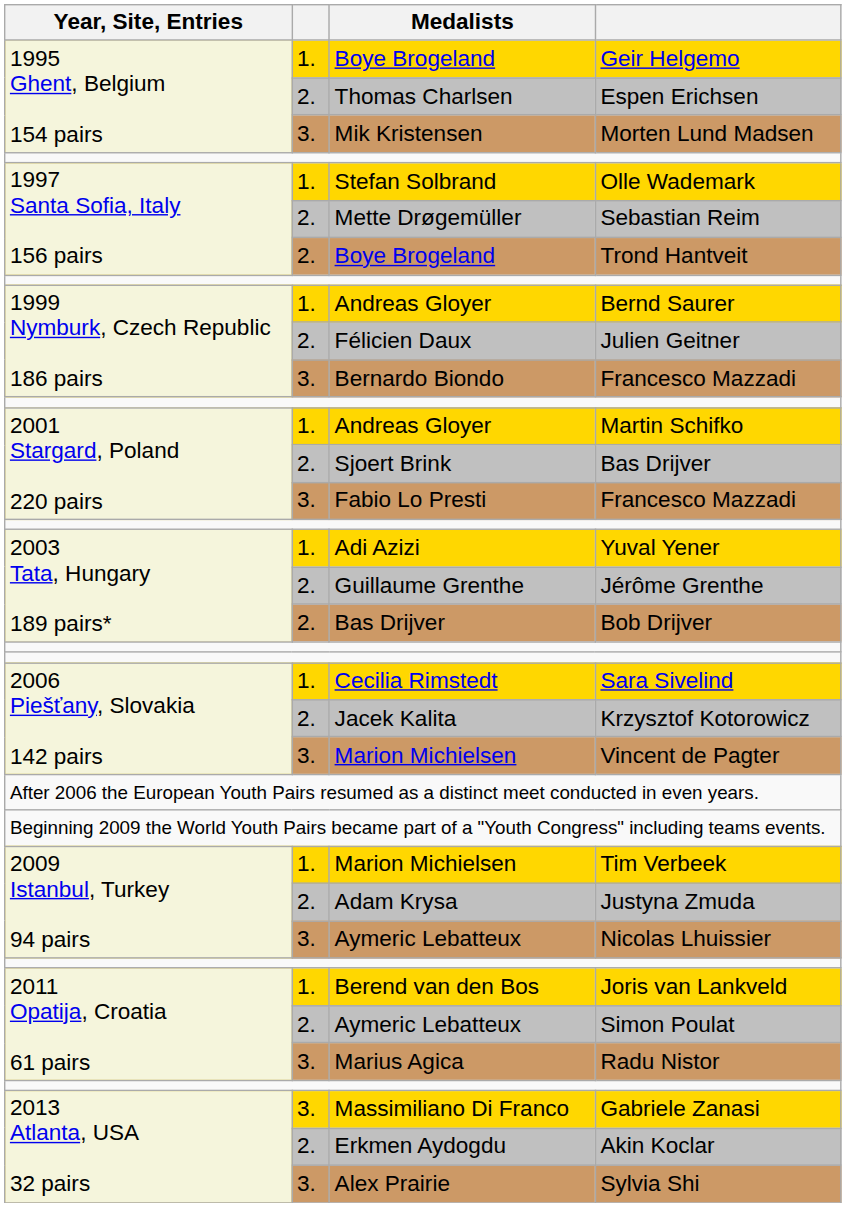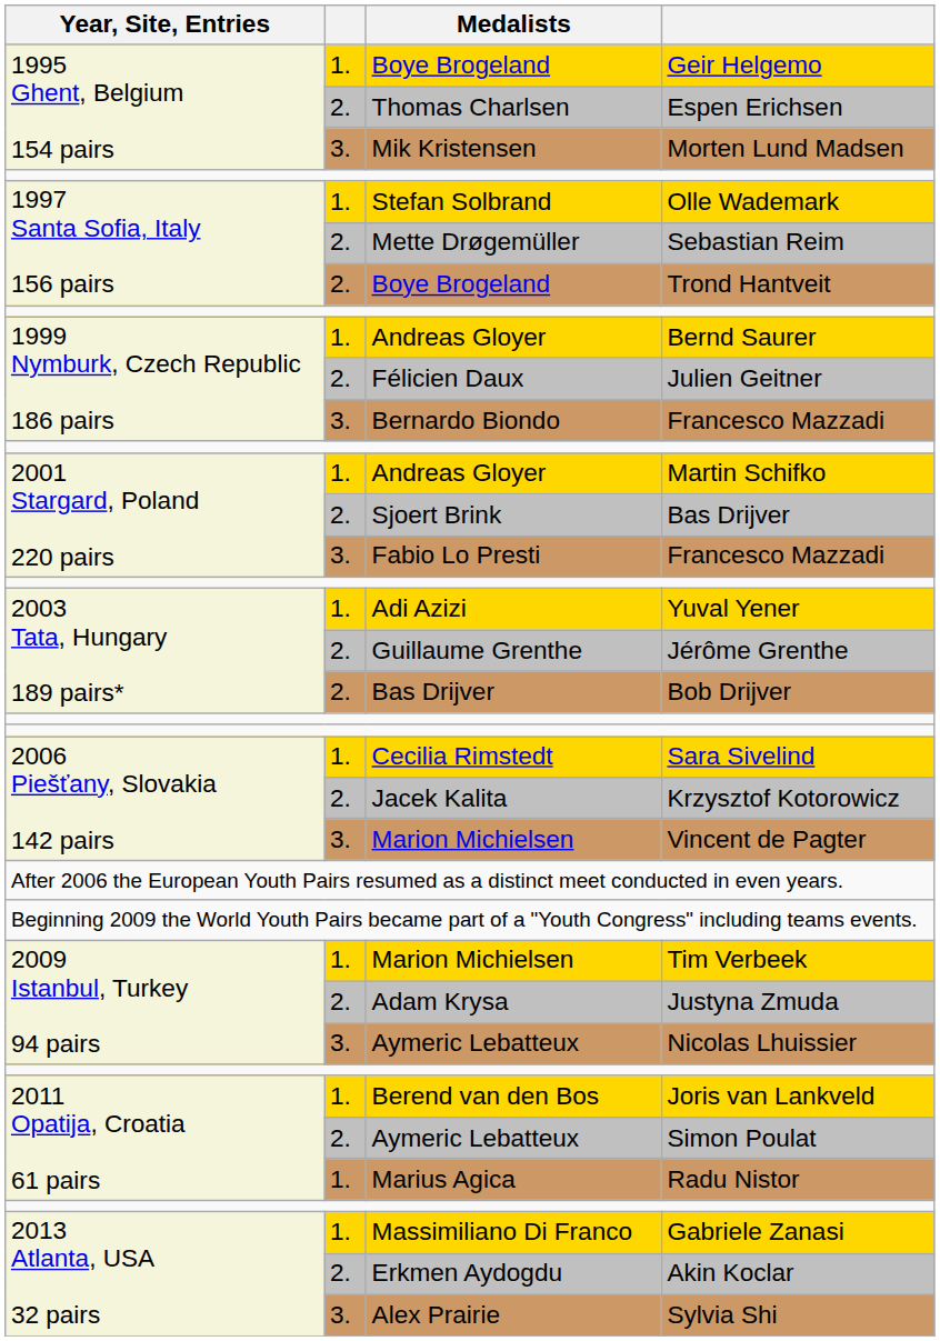 <table class="wikitable">
 <tr>
 <th>Year, Site, Entries</th>
 <th></th>
 <th>Medalists</th>
 <th></th>
 </tr>
 <tr bgcolor="gold">
 <td rowspan=3 bgcolor="beige" valign="Top">1995<br><a href='#'>Ghent</a>, Belgium <br> <br>154 pairs</td>
 <td>1. </td>
 <td> <a href='#'>Boye Brogeland</a></td>
 <td> <a href='#'>Geir Helgemo</a></td>
 </tr>
 <tr bgcolor="silver">
 <td>2.</td>
 <td> Thomas Charlsen</td>
 <td> Espen Erichsen</td>
 </tr>
 <tr bgcolor="cc9966">
 <td>3.</td>
 <td> Mik Kristensen</td>
 <td> Morten Lund Madsen</td>
 </tr>
 <tr>
 <td colspan=4></td>
 </tr>
 <tr bgcolor="gold">
 <td rowspan=3 bgcolor="beige" valign="Top">1997<br><a href='#'>Santa Sofia, Italy</a> <br> <br>156 pairs</td>
 <td>1.</td>
 <td> Stefan Solbrand</td>
 <td> Olle Wademark</td>
 </tr>
 <tr bgcolor="silver">
 <td>2.</td>
 <td> Mette Drøgemüller  </td>
 <td> Sebastian Reim</td>
 </tr>
 <tr bgcolor="cc9966">
 <td>2.</td>
 <td> <a href='#'>Boye Brogeland</a></td>
 <td> Trond Hantveit</td>
 </tr>
 <tr>
 <td colspan=4></td>
 </tr>
 <tr bgcolor="gold">
 <td rowspan=3 bgcolor="beige" valign="Top">1999<br><a href='#'>Nymburk</a>, Czech Republic <br> <br>186 pairs</td>
 <td>1.</td>
 <td> Andreas Gloyer</td>
 <td> Bernd Saurer</td>
 </tr>
 <tr bgcolor="silver">
 <td>2.</td>
 <td> Félicien Daux</td>
 <td> Julien Geitner</td>
 </tr>
 <tr bgcolor="cc9966">
 <td>3.</td>
 <td> Bernardo Biondo</td>
 <td> Francesco Mazzadi</td>
 </tr>
 <tr>
 <td colspan=4></td>
 </tr>
 <tr bgcolor="gold">
 <td rowspan=3 bgcolor="beige" valign="Top">2001<br><a href='#'>Stargard</a>, Poland <br> <br>220 pairs</td>
 <td>1.</td>
 <td> Andreas Gloyer</td>
 <td> Martin Schifko</td>
 </tr>
 <tr bgcolor="silver">
 <td>2.</td>
 <td> Sjoert Brink</td>
 <td> Bas Drijver</td>
 </tr>
 <tr bgcolor="cc9966">
 <td>3.</td>
 <td> Fabio Lo Presti</td>
 <td> Francesco Mazzadi</td>
 </tr>
 <tr>
 <td colspan=4></td>
 </tr>
 <tr bgcolor="gold">
 <td rowspan=3 bgcolor="beige" valign="Top">2003<br><a href='#'>Tata</a>, Hungary <br> <br>189 pairs*</td>
 <td>1.</td>
 <td> Adi Azizi</td>
 <td> Yuval Yener</td>
 </tr>
 <tr bgcolor="silver">
 <td>2.</td>
 <td> Guillaume Grenthe</td>
 <td> Jérôme Grenthe</td>
 </tr>
 <tr bgcolor="cc9966">
 <td>2.</td>
 <td> Bas Drijver</td>
 <td> Bob Drijver</td>
 </tr>
 <tr>
 <td colspan=4></td>
 </tr>
 <tr>
 <td colspan=4></td>
 </tr>
 <tr bgcolor="gold">
 <td rowspan=3 bgcolor="beige" valign="Top">2006<br><a href='#'>Piešťany</a>, Slovakia   <br> <br>142 pairs</td>
 <td>1.</td>
 <td> <a href='#'>Cecilia Rimstedt</a></td>
 <td> <a href='#'>Sara Sivelind</a></td>
 </tr>
 <tr bgcolor="silver">
 <td>2.</td>
 <td> Jacek Kalita</td>
 <td> Krzysztof Kotorowicz  </td>
 </tr>
 <tr bgcolor="cc9966">
 <td>3.</td>
 <td> <a href='#'>Marion Michielsen</a></td>
 <td> Vincent de Pagter</td>
 </tr>
 <tr>
 <td colspan=4><small>After 2006 the European Youth Pairs resumed as a distinct meet conducted in even years.  </small></td>
 </tr>
 <tr>
 <td colspan=4><small>Beginning 2009 the World Youth Pairs became part of a "Youth Congress" including teams events.  </small></td>
 </tr>
 <tr bgcolor="gold">
 <td rowspan=3 bgcolor="beige" valign="Top">2009<br><a href='#'>Istanbul</a>, Turkey <br> <br>94 pairs</td>
 <td>1.</td>
 <td> Marion Michielsen</td>
 <td> Tim Verbeek</td>
 </tr>
 <tr bgcolor="silver">
 <td>2.</td>
 <td> Adam Krysa</td>
 <td> Justyna Zmuda</td>
 </tr>
 <tr bgcolor="cc9966">
 <td>3.</td>
 <td> Aymeric Lebatteux</td>
 <td> Nicolas Lhuissier</td>
 </tr>
 <tr>
 <td colspan=4></td>
 </tr>
 <tr bgcolor="gold">
 <td rowspan=3 bgcolor="beige" valign="Top">2011<br><a href='#'>Opatija</a>, Croatia <br> <br>61 pairs</td>
 <td>1.</td>
 <td> Berend van den Bos  </td>
 <td> Joris van Lankveld  </td>
 </tr>
 <tr bgcolor="silver">
 <td>2.</td>
 <td> Aymeric Lebatteux</td>
 <td> Simon Poulat</td>
 </tr>
 <tr bgcolor="cc9966">
-<td>3.</td>
+<td>1.</td>
 <td> Marius Agica</td>
 <td> Radu Nistor</td>
 </tr>
 <tr>
 <td colspan=4></td>
 </tr>
 <tr bgcolor="gold">
 <td rowspan=3 bgcolor="beige" valign="Top">2013<br><a href='#'>Atlanta</a>, USA <br> <br>32 pairs </td>
-<td>3.</td>
+<td>1.</td>
 <td> Massimiliano Di Franco </td>
 <td> Gabriele Zanasi</td>
 </tr>
 <tr bgcolor="silver">
 <td>2.</td>
 <td> Erkmen Aydogdu</td>
 <td> Akin Koclar</td>
 </tr>
 <tr bgcolor="cc9966">
 <td>3.</td>
 <td> Alex Prairie</td>
 <td> Sylvia Shi</td>
 </tr>
 <tr>
 </tr>
 </table>
